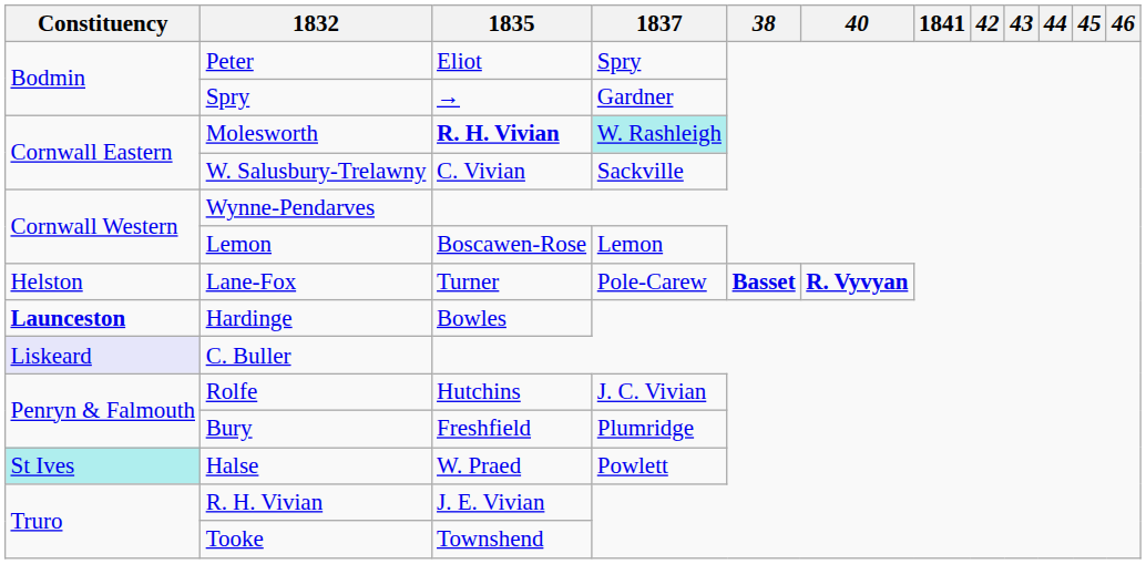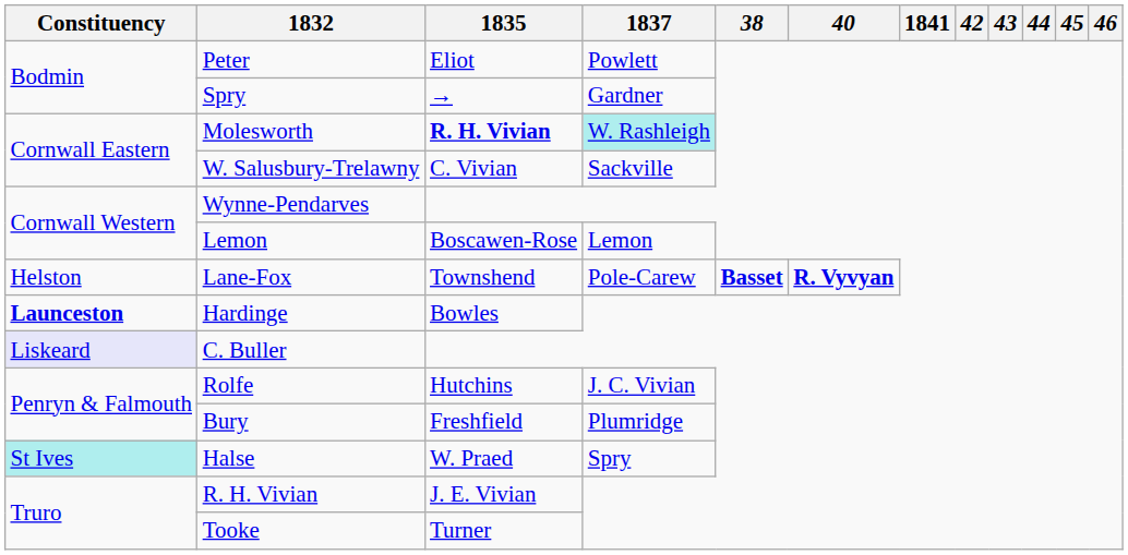 <table class="wikitable">
 <tr>
 <th>Constituency</th>
 <th>1832</th>
 <th>1835</th>
 <th>1837</th>
 <th><em>38</em></th>
 <th><em>40</em></th>
 <th>1841</th>
 <th><em>42</em></th>
 <th><em>43</em></th>
 <th><em>44</em></th>
 <th><em>45</em></th>
 <th><em>46</em></th>
 </tr>
 <tr>
 <td rowspan="2"><a href='#'>Bodmin</a></td>
 <td><a href='#'>Peter</a></td>
 <td><a href='#'>Eliot</a></td>
-<td><a href='#'>Spry</a></td>
+<td><a href='#'>Powlett</a></td>
 </tr>
 <tr>
 <td><a href='#'>Spry</a></td>
 <td><a href='#'>→</a></td>
 <td><a href='#'>Gardner</a></td>
 </tr>
 <tr>
 <td rowspan="2"><a href='#'>Cornwall Eastern</a></td>
 <td><a href='#'>Molesworth</a></td>
 <td><strong><a href='#'>R. H. Vivian</a></strong></td>
 <td style="background: paleturquoise;"><a href='#'>W. Rashleigh</a></td>
 </tr>
 <tr>
 <td><a href='#'>W. Salusbury-Trelawny</a></td>
 <td><a href='#'>C. Vivian</a></td>
 <td><a href='#'>Sackville</a></td>
 </tr>
 <tr>
 <td rowspan="2"><a href='#'>Cornwall Western</a></td>
 <td><a href='#'>Wynne-Pendarves</a></td>
 </tr>
 <tr>
 <td><a href='#'>Lemon</a></td>
 <td><a href='#'>Boscawen-Rose</a></td>
 <td><a href='#'>Lemon</a></td>
 </tr>
 <tr>
 <td><a href='#'>Helston</a></td>
 <td><a href='#'>Lane-Fox</a></td>
-<td><a href='#'>Turner</a></td>
+<td><a href='#'>Townshend</a></td>
 <td><a href='#'>Pole-Carew</a></td>
 <td><strong><a href='#'>Basset</a></strong></td>
 <td><strong><a href='#'>R. Vyvyan</a></strong></td>
 </tr>
 <tr>
 <td><strong><a href='#'>Launceston</a></strong></td>
 <td><a href='#'>Hardinge</a></td>
 <td><a href='#'>Bowles</a></td>
 </tr>
 <tr>
 <td style="background: lavender;"><a href='#'>Liskeard</a></td>
 <td><a href='#'>C. Buller</a></td>
 </tr>
 <tr>
 <td rowspan="2"><a href='#'>Penryn & Falmouth</a></td>
 <td><a href='#'>Rolfe</a></td>
 <td><a href='#'>Hutchins</a></td>
 <td><a href='#'>J. C. Vivian</a></td>
 </tr>
 <tr>
 <td><a href='#'>Bury</a></td>
 <td><a href='#'>Freshfield</a></td>
 <td><a href='#'>Plumridge</a></td>
 </tr>
 <tr>
 <td style="background: paleturquoise;"><a href='#'>St Ives</a></td>
 <td><a href='#'>Halse</a></td>
 <td><a href='#'>W. Praed</a></td>
-<td><a href='#'>Powlett</a></td>
+<td><a href='#'>Spry</a></td>
 </tr>
 <tr>
 <td rowspan="2"><a href='#'>Truro</a></td>
 <td><a href='#'>R. H. Vivian</a></td>
 <td><a href='#'>J. E. Vivian</a></td>
 </tr>
 <tr>
 <td><a href='#'>Tooke</a></td>
-<td><a href='#'>Townshend</a></td>
+<td><a href='#'>Turner</a></td>
 </tr>
 </table>
